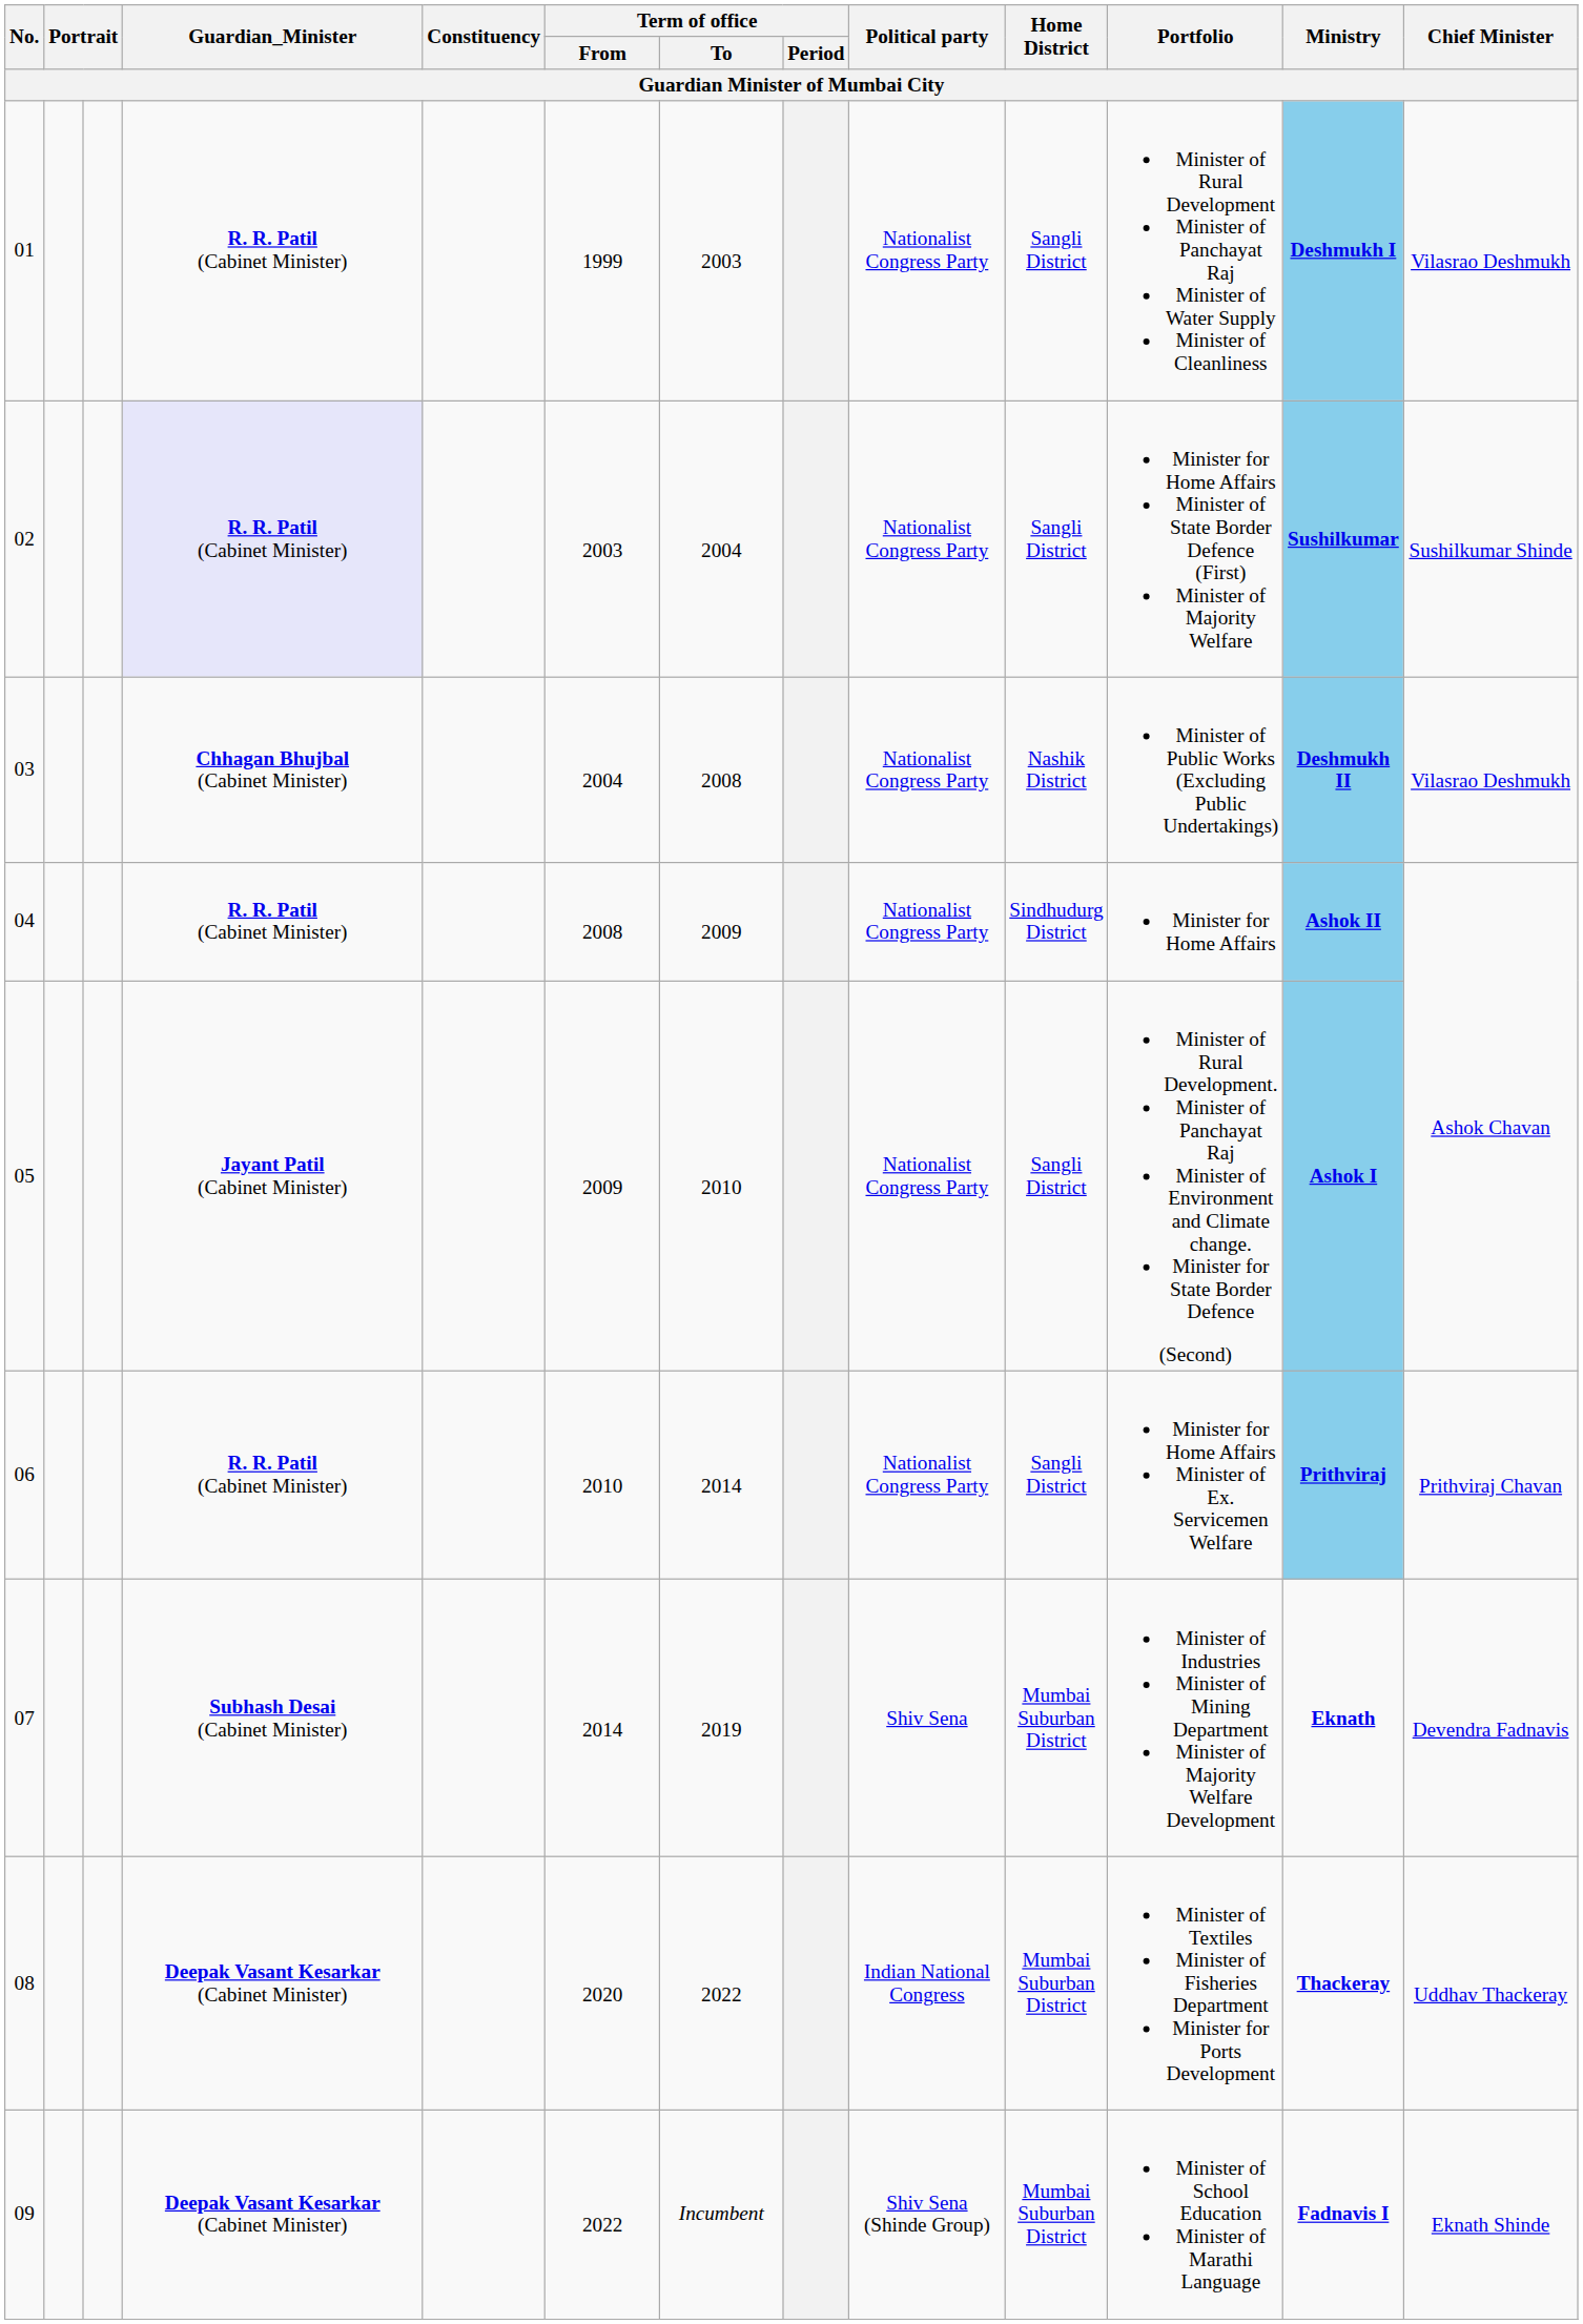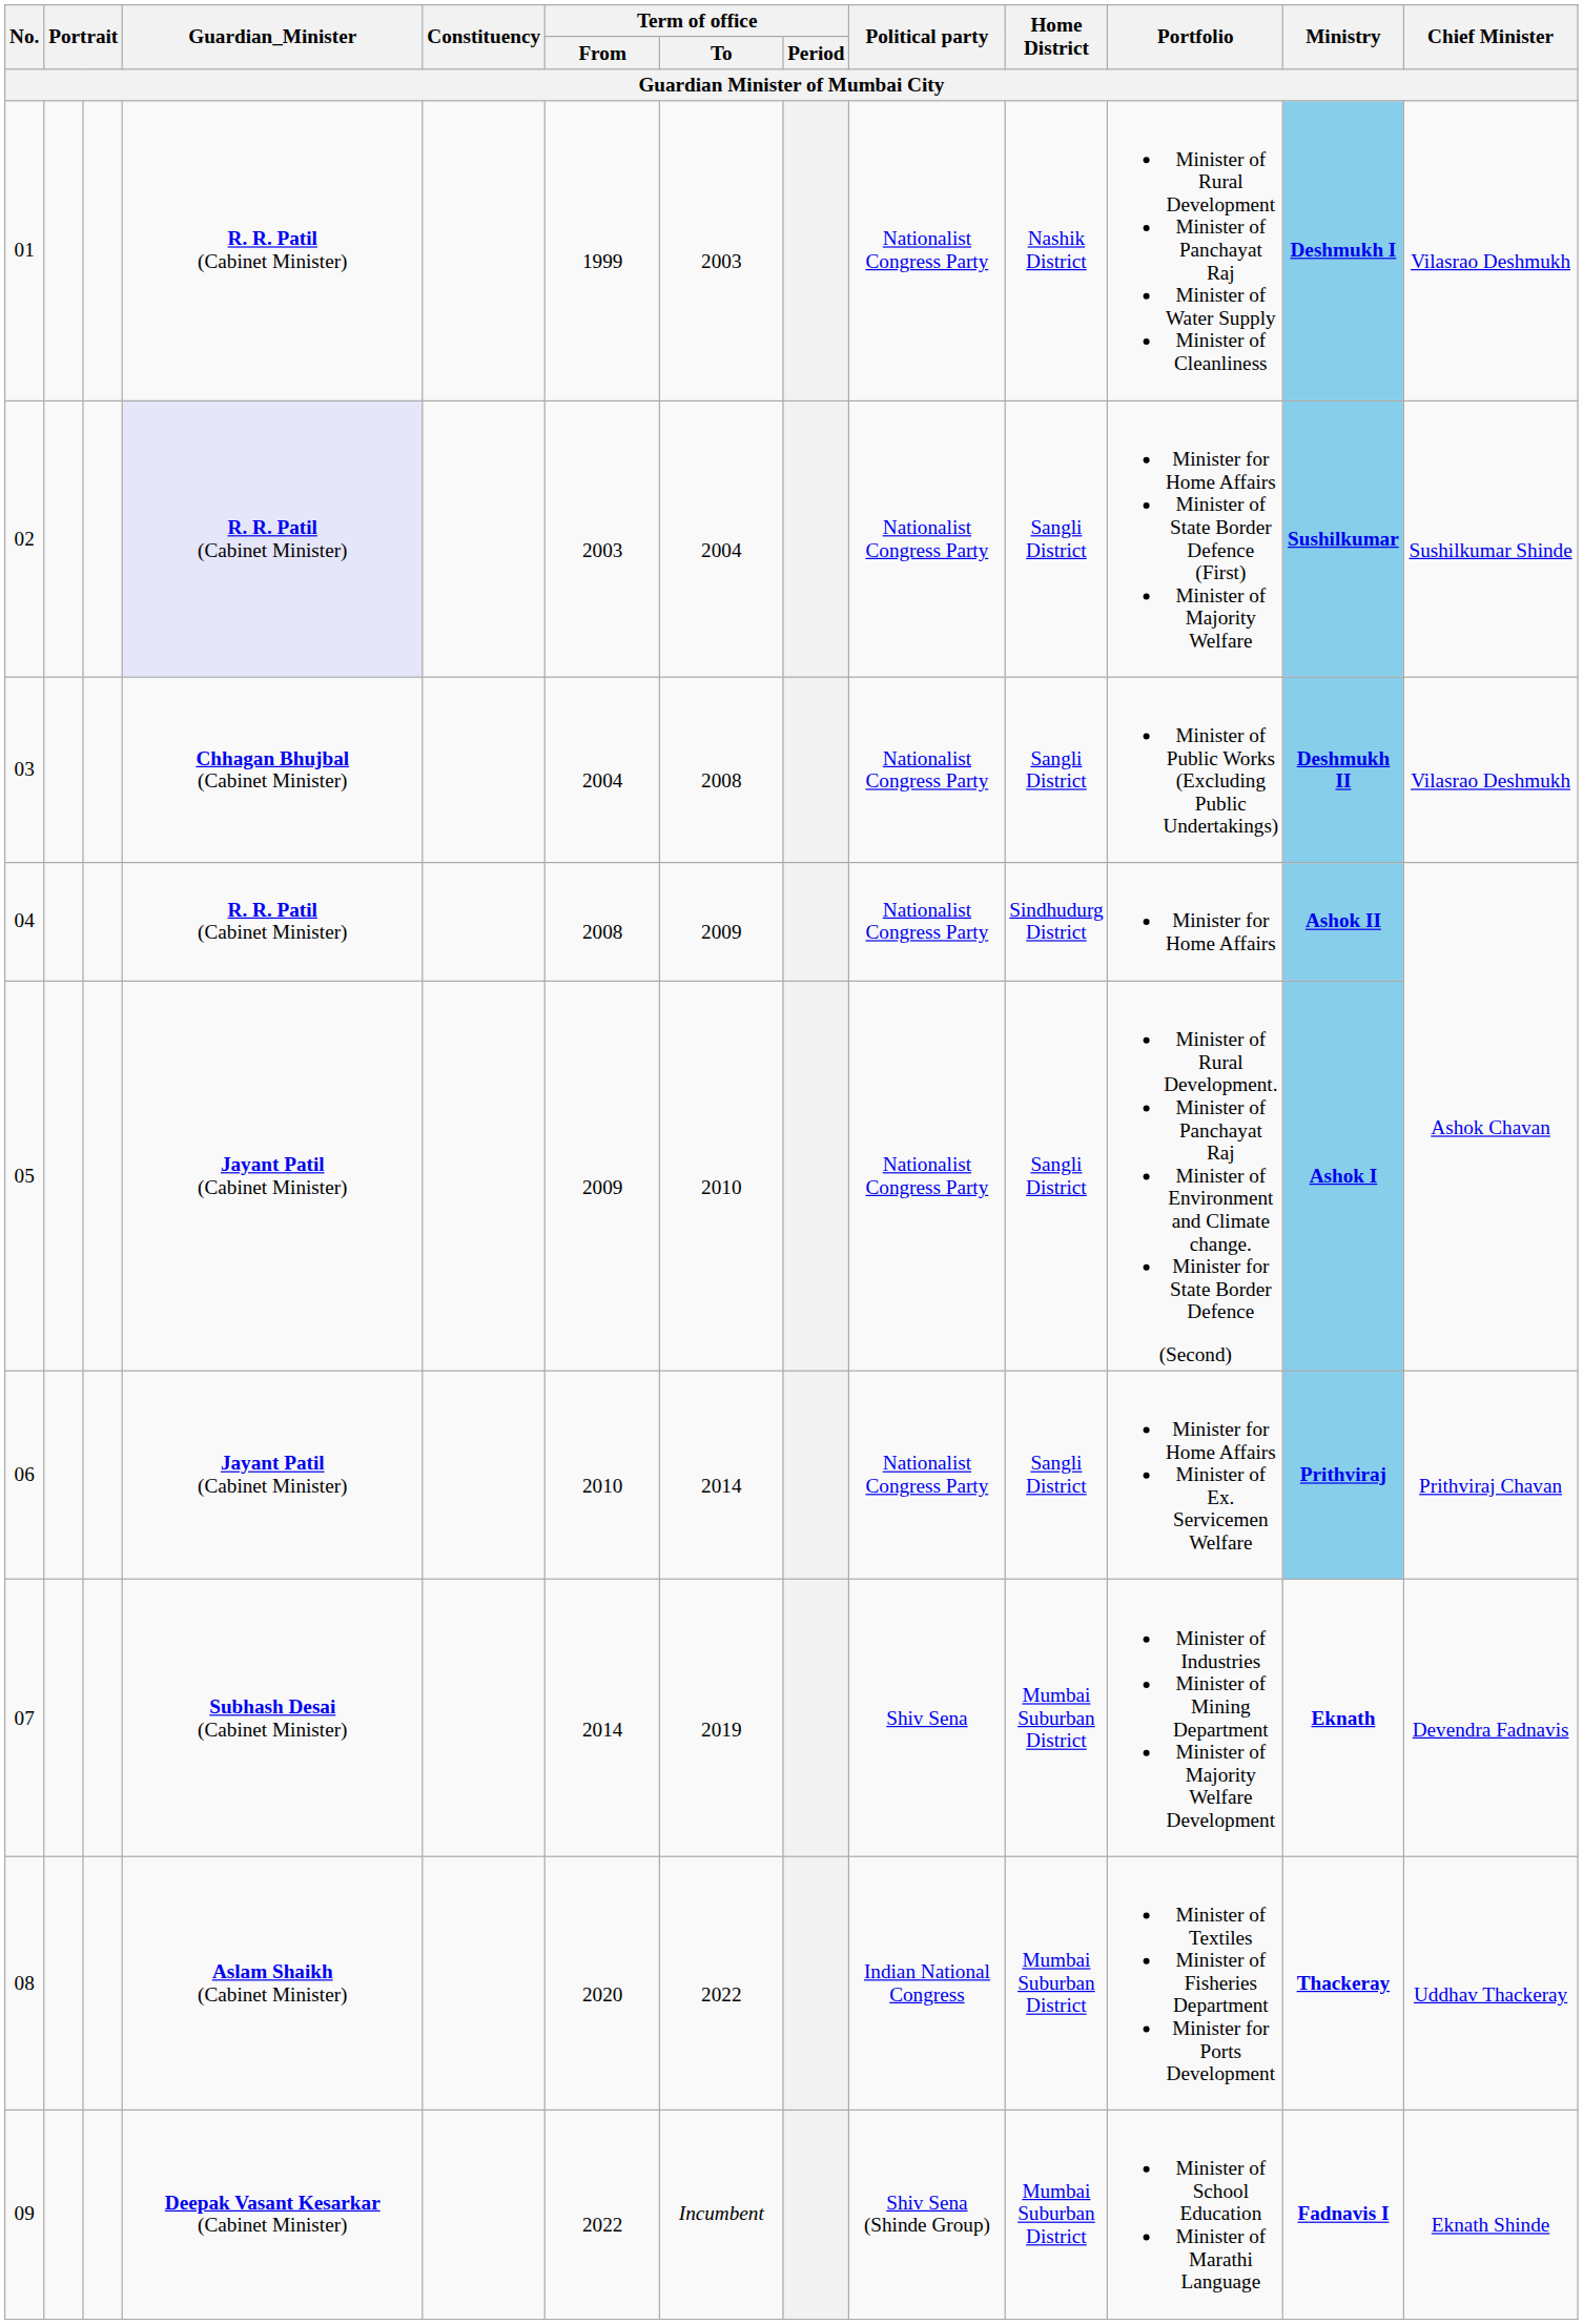 <table class="wikitable" style="text-align:center">
 <tr>
 <th rowspan="2">No.</th>
 <th rowspan="2" colspan="2">Portrait</th>
 <th rowspan="2" style="width:16em">Guardian_Minister</th>
 <th rowspan="2">Constituency</th>
 <th colspan="3">Term of office</th>
 <th rowspan="2" style="width:8em">Political party</th>
 <th rowspan="2">Home District</th>
 <th rowspan="2">Portfolio</th>
 <th rowspan="2">Ministry</th>
 <th rowspan="2" style="width:9em">Chief Minister</th>
 </tr>
 <tr>
 <th style="width:6em">From</th>
 <th style="width:6em">To</th>
 <th>Period</th>
 </tr>
 <tr>
 <th colspan="13">Guardian Minister of Mumbai City</th>
 </tr>
 <tr>
 <td>01</td>
 <td></td>
 <td></td>
 <td><strong><a href='#'>R. R. Patil</a></strong> <br> (Cabinet Minister)</td>
 <td></td>
 <td><br>1999</td>
 <td><br>2003</td>
 <th></th>
 <td><a href='#'>Nationalist Congress Party</a></td>
-<td><a href='#'>Sangli District</a></td>
+<td><a href='#'>Nashik District</a></td>
 <td><br><ul><li>Minister of Rural Development</li><li>Minister of Panchayat Raj</li><li>Minister of Water Supply</li><li>Minister of Cleanliness</li></ul></td>
 <td rowspan="1" bgcolor="#87CEEB"><a href='#'><strong>Deshmukh I</strong></a></td>
 <td rowspan="1"> <br><a href='#'>Vilasrao Deshmukh</a></td>
 </tr>
 <tr>
 <td>02</td>
 <td></td>
 <td></td>
 <td style="background: lavender;"><strong><a href='#'>R. R. Patil</a></strong> <br> (Cabinet Minister)</td>
 <td></td>
 <td><br>2003</td>
 <td><br>2004</td>
 <th></th>
 <td><a href='#'>Nationalist Congress Party</a></td>
 <td><a href='#'>Sangli District</a></td>
 <td><br><ul><li>Minister for Home Affairs</li><li>Minister of State Border Defence (First)</li><li>Minister of Majority Welfare</li></ul></td>
 <td rowspan="1" bgcolor="#87CEEB"><a href='#'><strong>Sushilkumar</strong></a></td>
 <td rowspan="1"> <br><a href='#'>Sushilkumar Shinde</a></td>
 </tr>
 <tr>
 <td>03</td>
 <td></td>
 <td></td>
 <td><strong><a href='#'>Chhagan Bhujbal</a></strong> <br> (Cabinet Minister)</td>
 <td></td>
 <td><br>2004</td>
 <td><br>2008</td>
 <th></th>
 <td><a href='#'>Nationalist Congress Party</a></td>
-<td><a href='#'>Nashik District</a></td>
+<td><a href='#'>Sangli District</a></td>
 <td><br><ul><li>Minister of Public Works (Excluding Public Undertakings)</li></ul></td>
 <td rowspan="1" bgcolor="#87CEEB"><a href='#'><strong>Deshmukh II</strong></a></td>
 <td rowspan="1"> <br><a href='#'>Vilasrao Deshmukh</a></td>
 </tr>
 <tr>
 <td>04</td>
 <td></td>
 <td></td>
 <td><strong><a href='#'>R. R. Patil</a></strong> <br> (Cabinet Minister)</td>
 <td></td>
 <td><br>2008</td>
 <td><br>2009</td>
 <th></th>
 <td><a href='#'>Nationalist Congress Party</a></td>
 <td><a href='#'>Sindhudurg District</a></td>
 <td><br><ul><li>Minister for Home Affairs</li></ul></td>
 <td rowspan="1"bgcolor="#87CEEB"><a href='#'><strong>Ashok II</strong></a></td>
 <td rowspan="2"><br><a href='#'>Ashok Chavan</a></td>
 </tr>
 <tr>
 <td>05</td>
 <td></td>
 <td></td>
 <td><strong><a href='#'>Jayant Patil</a></strong>  <br> (Cabinet Minister)</td>
 <td></td>
 <td><br>2009</td>
 <td><br>2010</td>
 <th></th>
 <td><a href='#'>Nationalist Congress Party</a></td>
 <td><a href='#'>Sangli District</a></td>
 <td><br><ul><li>Minister of Rural Development.</li><li>Minister of Panchayat Raj</li><li>Minister of Environment and Climate change.</li><li>Minister for State Border Defence</li></ul>(Second)</td>
 <td rowspan="1" bgcolor="#87CEEB"><a href='#'><strong>Ashok I</strong></a></td>
 </tr>
 <tr>
 <td>06</td>
 <td></td>
 <td></td>
-<td><strong><a href='#'>R. R. Patil</a></strong> <br> (Cabinet Minister)</td>
+<td><strong><a href='#'>Jayant Patil</a></strong> <br> (Cabinet Minister)</td>
 <td></td>
 <td><br>2010</td>
 <td><br>2014</td>
 <th></th>
 <td><a href='#'>Nationalist Congress Party</a></td>
 <td><a href='#'>Sangli District</a></td>
 <td><br><ul><li>Minister for Home Affairs</li><li>Minister of Ex. Servicemen Welfare</li></ul></td>
 <td rowspan="1" bgcolor="#87CEEB"><a href='#'><strong>Prithviraj</strong></a></td>
 <td rowspan="1"><br><a href='#'>Prithviraj Chavan</a></td>
 </tr>
 <tr>
 <td>07</td>
 <td></td>
 <td></td>
 <td><strong><a href='#'>Subhash Desai</a></strong> <br> (Cabinet Minister)</td>
 <td></td>
 <td><br>2014</td>
 <td><br>2019</td>
 <th></th>
 <td rowspan="1"><a href='#'>Shiv Sena</a></td>
 <td><a href='#'>Mumbai Suburban District</a></td>
 <td><br><ul><li>Minister of Industries</li><li>Minister of Mining Department</li><li>Minister of Majority Welfare Development</li></ul></td>
 <td rowspan="1"><a href='#'><strong>Eknath</strong></a></td>
 <td rowspan="1"> <br><a href='#'>Devendra Fadnavis</a></td>
 </tr>
 <tr>
 <td>08</td>
 <td></td>
 <td></td>
-<td><strong><a href='#'>Deepak Vasant Kesarkar</a></strong> <br> (Cabinet Minister)</td>
+<td><strong><a href='#'>Aslam Shaikh</a></strong> <br> (Cabinet Minister)</td>
 <td></td>
 <td><br>2020</td>
 <td><br>2022</td>
 <th></th>
 <td><a href='#'>Indian National Congress</a></td>
 <td><a href='#'>Mumbai Suburban District</a></td>
 <td><br><ul><li>Minister of Textiles</li><li>Minister of Fisheries Department</li><li>Minister for Ports Development</li></ul></td>
 <td rowspan="1"><a href='#'><strong>Thackeray</strong></a></td>
 <td rowspan="1"> <br><a href='#'>Uddhav Thackeray</a></td>
 </tr>
 <tr>
 <td>09</td>
 <td></td>
 <td></td>
 <td><strong><a href='#'>Deepak Vasant Kesarkar</a></strong> <br> (Cabinet Minister)</td>
 <td></td>
 <td><br>2022</td>
 <td><em>Incumbent</em></td>
 <th></th>
 <td><a href='#'>Shiv Sena</a> (Shinde Group)</td>
 <td><a href='#'>Mumbai Suburban District</a></td>
 <td><br><ul><li>Minister of School Education</li><li>Minister of Marathi Language</li></ul></td>
 <td rowspan="1"><a href='#'><strong>Fadnavis I</strong></a></td>
 <td rowspan="1"> <br><a href='#'>Eknath Shinde</a></td>
 </tr>
 <tr>
 </tr>
 </table>
